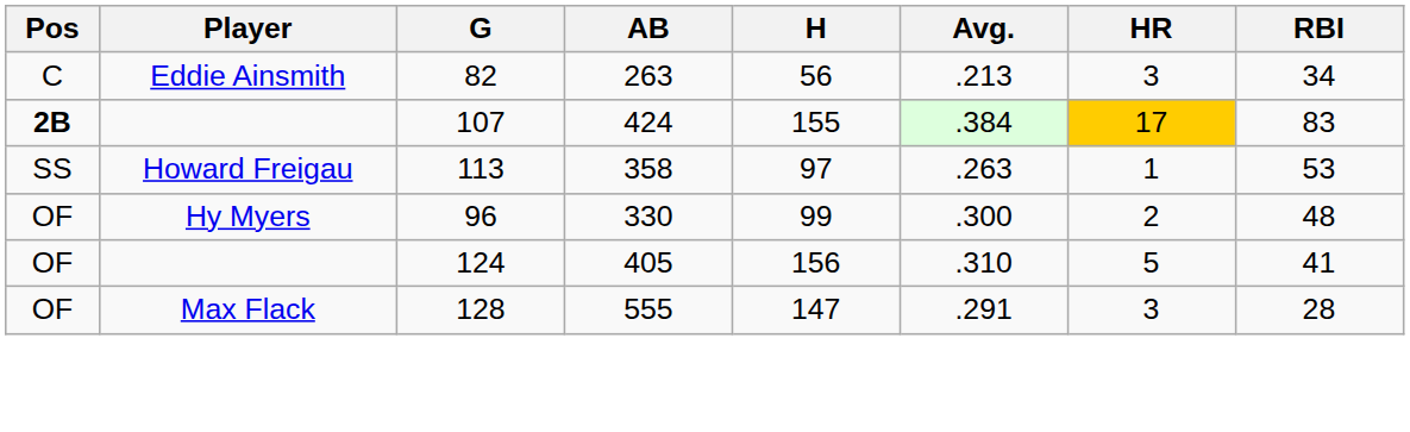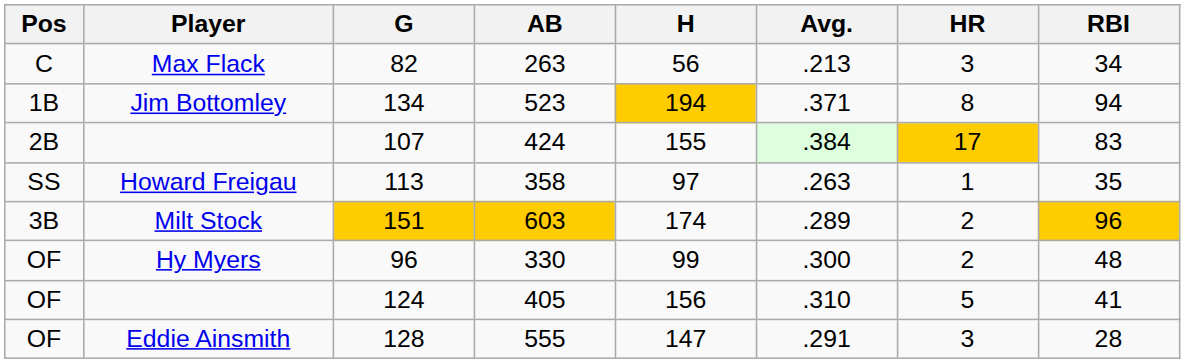 <table class="wikitable sortable">
 <tr>
 <th bgcolor="#DDDDFF" width="5%">Pos</th>
 <th bgcolor="#DDDDFF" width="16%">Player</th>
 <th bgcolor="#DDDDFF" width="9%">G</th>
 <th bgcolor="#DDDDFF" width="9%">AB</th>
 <th bgcolor="#DDDDFF" width="9%">H</th>
 <th bgcolor="#DDDDFF" width="9%">Avg.</th>
 <th bgcolor="#DDDDFF" width="9%">HR</th>
 <th bgcolor="#DDDDFF" width="9%">RBI</th>
 </tr>
 <tr align="center">
 <td>C</td>
-<td><a href='#'>Eddie Ainsmith</a></td>
+<td><a href='#'>Max Flack</a></td>
 <td>82</td>
 <td>263</td>
 <td>56</td>
 <td>.213</td>
 <td>3</td>
 <td>34</td>
 </tr>
 <tr align="center">
-<td><strong>2B</strong></td>
+<td>1B</td>
+<td><a href='#'>Jim Bottomley</a></td>
+<td>134</td>
+<td>523</td>
+<td style="background:#fc0;">194</td>
+<td>.371</td>
+<td>8</td>
+<td>94</td>
+</tr>
+<tr align="center">
+<td>2B</td>
 <td></td>
 <td>107</td>
 <td>424</td>
 <td>155</td>
 <td style="background:#DDFFDD;">.384</td>
 <td style="background:#fc0;">17</td>
 <td>83</td>
 </tr>
 <tr align="center">
 <td>SS</td>
 <td><a href='#'>Howard Freigau</a></td>
 <td>113</td>
 <td>358</td>
 <td>97</td>
 <td>.263</td>
 <td>1</td>
-<td>53</td>
+<td>35</td>
+</tr>
+<tr align="center">
+<td>3B</td>
+<td><a href='#'>Milt Stock</a></td>
+<td style="background:#fc0;">151</td>
+<td style="background:#fc0;">603</td>
+<td>174</td>
+<td>.289</td>
+<td>2</td>
+<td style="background:#fc0;">96</td>
 </tr>
 <tr align="center">
 <td>OF</td>
 <td><a href='#'>Hy Myers</a></td>
 <td>96</td>
 <td>330</td>
 <td>99</td>
 <td>.300</td>
 <td>2</td>
 <td>48</td>
 </tr>
 <tr align="center">
 <td>OF</td>
 <td></td>
 <td>124</td>
 <td>405</td>
 <td>156</td>
 <td>.310</td>
 <td>5</td>
 <td>41</td>
 </tr>
 <tr align="center">
 <td>OF</td>
-<td><a href='#'>Max Flack</a></td>
+<td><a href='#'>Eddie Ainsmith</a></td>
 <td>128</td>
 <td>555</td>
 <td>147</td>
 <td>.291</td>
 <td>3</td>
 <td>28</td>
 </tr>
 </table>
